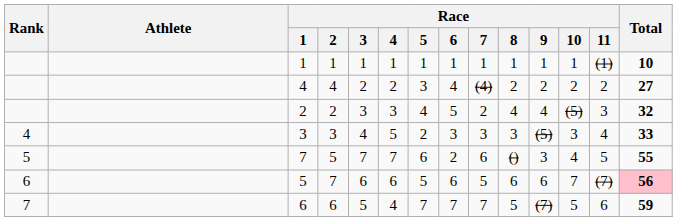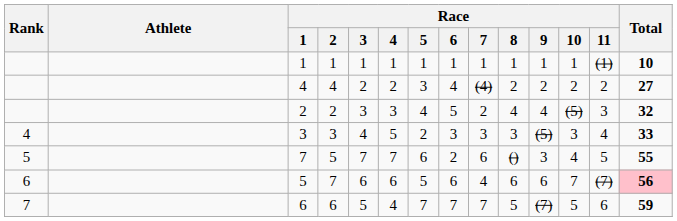 <table class="wikitable" style="text-align:center">
 <tr>
 <th rowspan="2" width=40>Rank</th>
 <th rowspan="2" width=250>Athlete</th>
 <th colspan="11">Race</th>
 <th rowspan="2" width=50>Total</th>
 </tr>
 <tr>
 <th width=25>1</th>
 <th width=25>2</th>
 <th width=25>3</th>
 <th width=25>4</th>
 <th width=25>5</th>
 <th width=25>6</th>
 <th width=25>7</th>
 <th width=25>8</th>
 <th width=25>9</th>
 <th width=25>10</th>
 <th width=25>11</th>
 </tr>
 <tr>
 <td></td>
 <td align=left></td>
 <td>1</td>
 <td>1</td>
 <td>1</td>
 <td>1</td>
 <td>1</td>
 <td>1</td>
 <td>1</td>
 <td>1</td>
 <td>1</td>
 <td>1</td>
 <td><s>(1)</s></td>
 <td><strong>10</strong></td>
 </tr>
 <tr>
 <td></td>
 <td align=left></td>
 <td>4</td>
 <td>4</td>
 <td>2</td>
 <td>2</td>
 <td>3</td>
 <td>4</td>
 <td><s>(4)</s></td>
 <td>2</td>
 <td>2</td>
 <td>2</td>
 <td>2</td>
 <td><strong>27</strong></td>
 </tr>
 <tr>
 <td></td>
 <td align=left></td>
 <td>2</td>
 <td>2</td>
 <td>3</td>
 <td>3</td>
 <td>4</td>
 <td>5</td>
 <td>2</td>
 <td>4</td>
 <td>4</td>
 <td><s>(5)</s></td>
 <td>3</td>
 <td><strong>32</strong></td>
 </tr>
 <tr>
 <td>4</td>
 <td align=left></td>
 <td>3</td>
 <td>3</td>
 <td>4</td>
 <td>5</td>
 <td>2</td>
 <td>3</td>
 <td>3</td>
 <td>3</td>
 <td><s>(5)</s></td>
 <td>3</td>
 <td>4</td>
 <td><strong>33</strong></td>
 </tr>
 <tr>
 <td>5</td>
 <td align=left></td>
 <td>7</td>
 <td>5</td>
 <td>7</td>
 <td>7</td>
 <td>6</td>
 <td>2</td>
 <td>6</td>
 <td><s>()</s></td>
 <td>3</td>
 <td>4</td>
 <td>5</td>
 <td><strong>55</strong></td>
 </tr>
 <tr>
 <td>6</td>
 <td align=left></td>
 <td>5</td>
 <td>7</td>
 <td>6</td>
 <td>6</td>
 <td>5</td>
 <td>6</td>
-<td>5</td>
+<td>4</td>
 <td>6</td>
 <td>6</td>
 <td>7</td>
 <td><s>(7)</s></td>
 <td style="background: pink;"><strong>56</strong></td>
 </tr>
 <tr>
 <td>7</td>
 <td align=left></td>
 <td>6</td>
 <td>6</td>
 <td>5</td>
 <td>4</td>
 <td>7</td>
 <td>7</td>
 <td>7</td>
 <td>5</td>
 <td><s>(7)</s></td>
 <td>5</td>
 <td>6</td>
 <td><strong>59</strong></td>
 </tr>
 </table>
